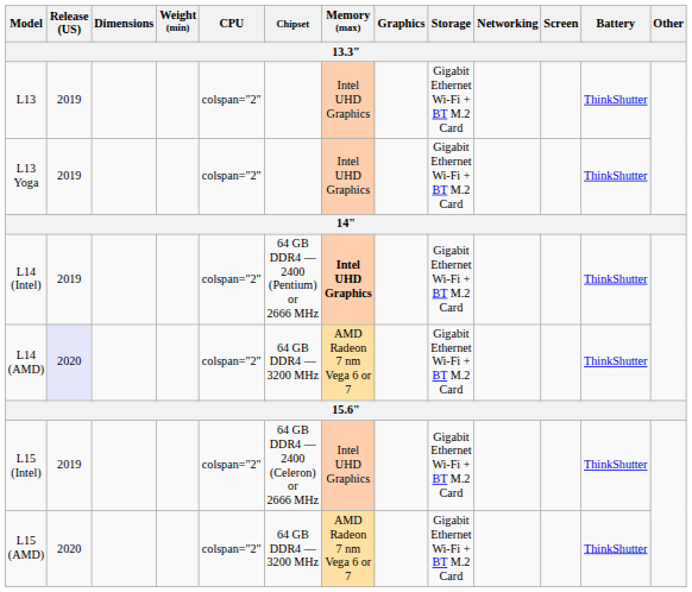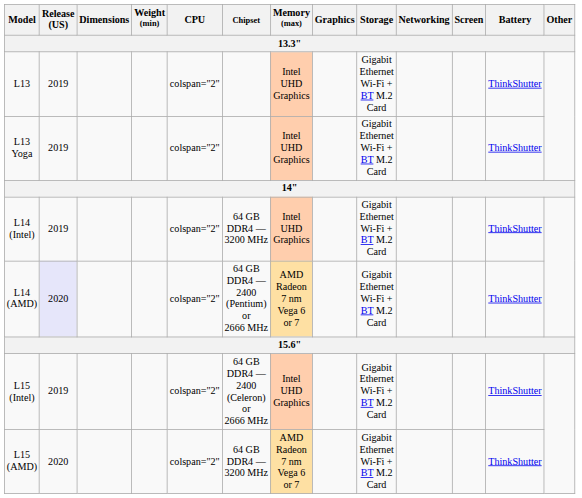 <table class="wikitable" style="font-size: 80%; text-align: center; min-width: 80%;">
 <tr>
 <th>Model</th>
 <th>Release (US)</th>
 <th>Dimensions</th>
 <th>Weight <sup>(min)</sup></th>
 <th style="width:17%">CPU</th>
 <th><small>Chipset</small></th>
 <th>Memory <sup>(max)</sup></th>
 <th>Graphics</th>
 <th>Storage</th>
 <th>Networking</th>
 <th>Screen</th>
 <th>Battery</th>
 <th>Other</th>
 </tr>
 <tr>
 <th colspan=13>13.3"</th>
 </tr>
 <tr>
 <td>L13</td>
 <td>2019</td>
 <td></td>
 <td></td>
 <td>colspan="2" </td>
 <td></td>
 <td style="background:#ffcead;">Intel UHD Graphics</td>
 <td></td>
 <td> Gigabit Ethernet<br>Wi-Fi + <a href='#'>BT</a> M.2 Card</td>
 <td></td>
 <td></td>
 <td><a href='#'>ThinkShutter</a><br></td>
 </tr>
 <tr>
 <td>L13 Yoga</td>
 <td>2019</td>
 <td></td>
 <td></td>
 <td>colspan="2" </td>
 <td></td>
 <td style="background:#ffcead;">Intel UHD Graphics</td>
 <td></td>
 <td> Gigabit Ethernet<br>Wi-Fi + <a href='#'>BT</a> M.2 Card</td>
 <td></td>
 <td></td>
 <td><a href='#'>ThinkShutter</a><br></td>
 </tr>
 <tr>
 <th colspan=13>14"</th>
 </tr>
 <tr>
 <td>L14 (Intel)</td>
 <td>2019</td>
 <td></td>
 <td></td>
 <td>colspan="2" </td>
-<td style="background:">64 GB DDR4 — 2400 (Pentium) or 2666 MHz<br></td>
-<td style="background:#ffcead;"><strong>Intel UHD Graphics</strong></td>
+<td style="background:">64 GB DDR4 — 3200 MHz<br></td>
+<td style="background:#ffcead;">Intel UHD Graphics</td>
 <td></td>
 <td>Gigabit Ethernet<br>Wi-Fi + <a href='#'>BT</a> M.2 Card<br><small></small></td>
 <td></td>
 <td></td>
 <td><a href='#'>ThinkShutter</a><br></td>
 </tr>
 <tr>
 <td>L14 (AMD)</td>
 <td style="background: lavender;">2020</td>
 <td></td>
 <td></td>
 <td>colspan="2" </td>
-<td style="background:">64 GB DDR4 — 3200 MHz<br></td>
+<td style="background:">64 GB DDR4 — 2400 (Pentium) or 2666 MHz<br></td>
 <td style="background:#fee0a3;">AMD Radeon 7 nm Vega 6 or 7</td>
 <td></td>
 <td>Gigabit Ethernet<br>Wi-Fi + <a href='#'>BT</a> M.2 Card<br><small></small></td>
 <td></td>
 <td></td>
 <td><a href='#'>ThinkShutter</a><br></td>
 </tr>
 <tr>
 <th colspan=13>15.6"</th>
 </tr>
 <tr>
 <td>L15 (Intel)</td>
 <td>2019</td>
 <td></td>
 <td></td>
 <td>colspan="2" </td>
 <td style="background:">64 GB DDR4 — 2400 (Celeron) or 2666 MHz<br></td>
 <td style="background:#ffcead;">Intel UHD Graphics</td>
 <td></td>
 <td>Gigabit Ethernet<br>Wi-Fi + <a href='#'>BT</a> M.2 Card<br><small></small></td>
 <td></td>
 <td></td>
 <td><a href='#'>ThinkShutter</a><br></td>
 </tr>
 <tr>
 <td>L15 (AMD)</td>
 <td>2020</td>
 <td></td>
 <td></td>
 <td>colspan="2" </td>
 <td style="background:">64 GB DDR4 — 3200 MHz<br></td>
 <td style="background:#fee0a3;">AMD Radeon 7 nm Vega 6 or 7</td>
 <td></td>
 <td>Gigabit Ethernet<br>Wi-Fi + <a href='#'>BT</a> M.2 Card<br><small></small></td>
 <td></td>
 <td></td>
 <td><a href='#'>ThinkShutter</a><br></td>
 </tr>
 </table>
